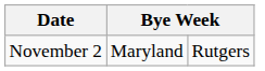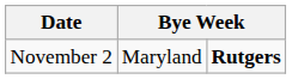 <table class="wikitable" style="font-size:95%;">
 <tr>
 <th>Date</th>
 <th colspan="2">Bye Week</th>
 </tr>
 <tr>
 <td>November 2</td>
 <td>Maryland</td>
-<td>Rutgers</td>
+<td><strong>Rutgers</strong></td>
 </tr>
 </table>
